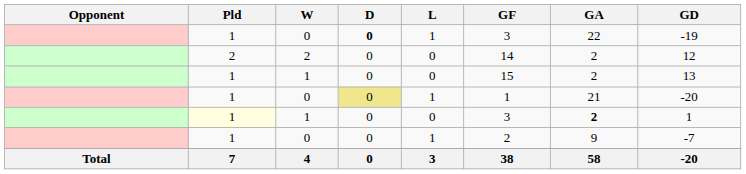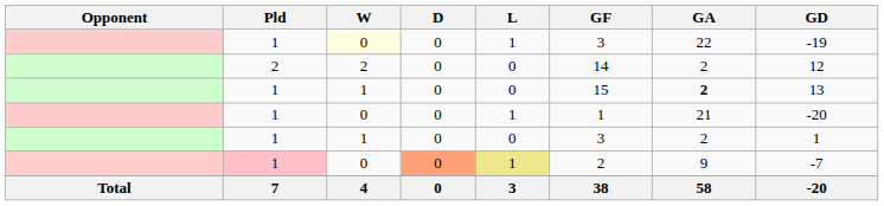 <table class="wikitable" style="text-align: center">
 <tr>
 <th width=220>Opponent<br></th>
 <th width=100>Pld<br></th>
 <th width=70>W<br></th>
 <th width=70>D<br></th>
 <th width=70>L<br></th>
 <th width=100>GF<br></th>
 <th width=100>GA<br></th>
 <th width=120>GD</th>
 </tr>
 <tr>
 <td bgcolor="#FFCCCC"; style="text-align:left;"></td>
 <td>1</td>
+<td style="background: lightyellow;">0</td>
 <td>0</td>
-<td><strong>0</strong></td>
 <td>1</td>
 <td>3</td>
 <td>22</td>
 <td>-19</td>
 </tr>
 <tr>
 <td bgcolor="#CCFFCC"; style="text-align:left;"></td>
 <td>2</td>
 <td>2</td>
 <td>0</td>
 <td>0</td>
 <td>14</td>
 <td>2</td>
 <td>12</td>
 </tr>
 <tr>
 <td bgcolor="#CCFFCC"; style="text-align:left;"></td>
 <td>1</td>
 <td>1</td>
 <td>0</td>
 <td>0</td>
 <td>15</td>
-<td>2</td>
+<td><strong>2</strong></td>
 <td>13</td>
 </tr>
 <tr>
 <td bgcolor="#FFCCCC"; style="text-align:left;"></td>
 <td>1</td>
 <td>0</td>
-<td style="background: khaki;">0</td>
+<td>0</td>
 <td>1</td>
 <td>1</td>
 <td>21</td>
 <td>-20</td>
 </tr>
 <tr>
 <td bgcolor="#CCFFCC"; style="text-align:left;"></td>
-<td style="background: lightyellow;">1</td>
+<td>1</td>
 <td>1</td>
 <td>0</td>
 <td>0</td>
 <td>3</td>
-<td><strong>2</strong></td>
+<td>2</td>
 <td>1</td>
 </tr>
 <tr>
 <td bgcolor="#FFCCCC"; style="text-align:left;"></td>
-<td>1</td>
+<td style="background: pink;">1</td>
 <td>0</td>
-<td>0</td>
-<td>1</td>
+<td style="background: lightsalmon;">0</td>
+<td style="background: khaki;">1</td>
 <td>2</td>
 <td>9</td>
 <td>-7</td>
 </tr>
 <tr>
 </tr>
 <tr class="sortbottom">
 <th>Total</th>
 <th>7</th>
 <th>4</th>
 <th>0</th>
 <th>3</th>
 <th>38</th>
 <th>58</th>
 <th>-20</th>
 </tr>
 </table>
